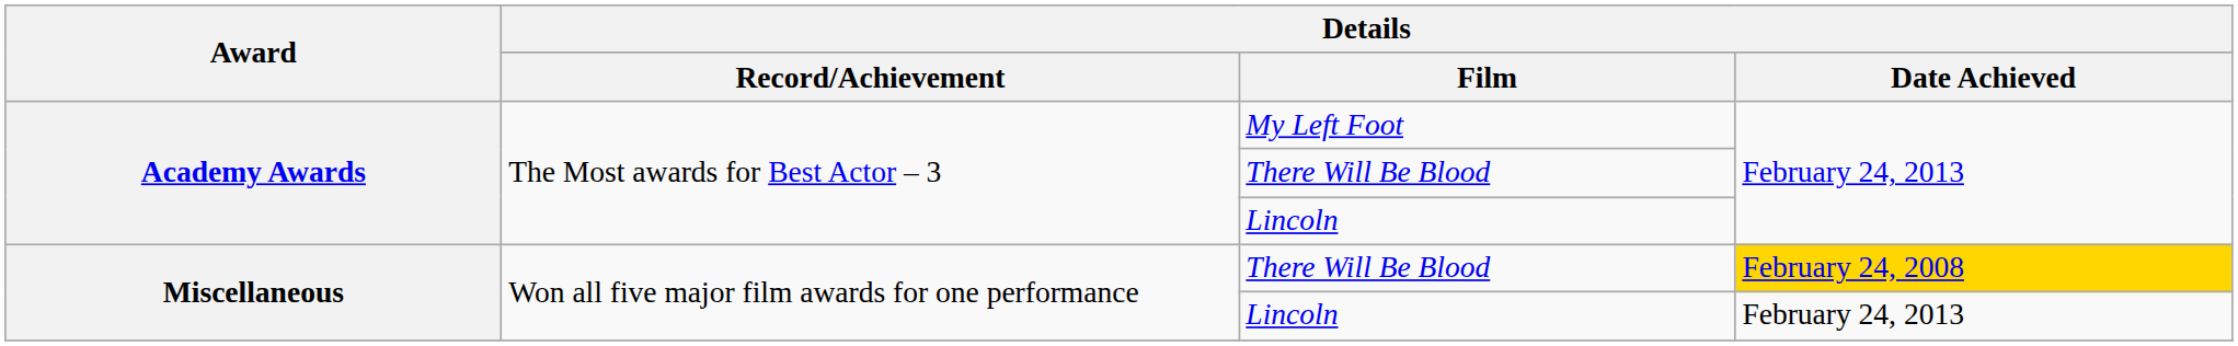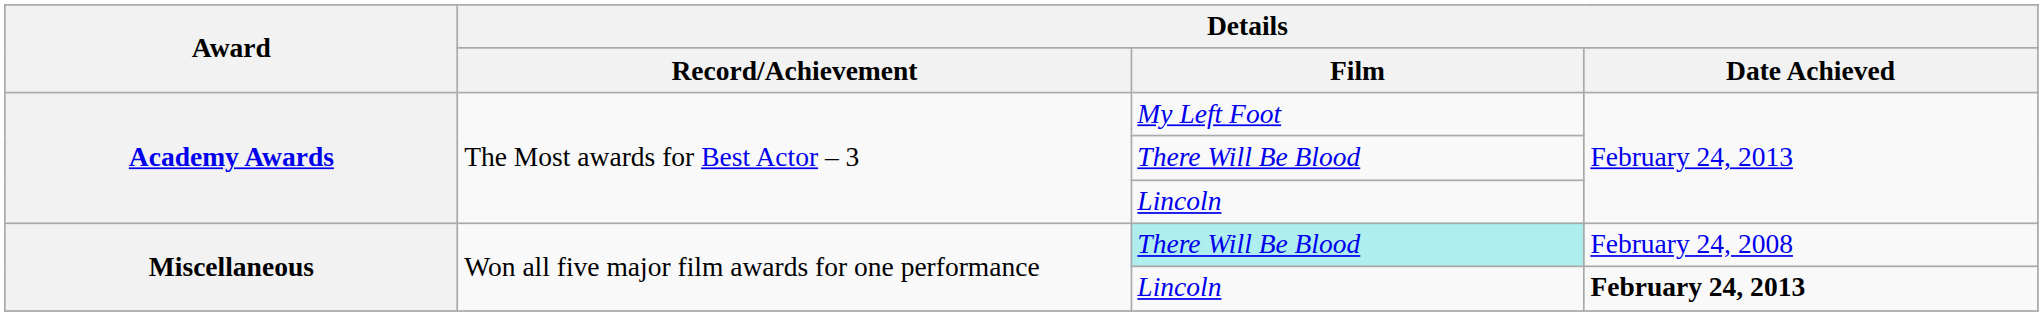 <table class="wikitable">
 <tr>
 <th rowspan="2" style="width:16em;">Award</th>
 <th colspan="8" style="width:20em;">Details</th>
 </tr>
 <tr>
 <th style="width:24em;">Record/Achievement</th>
 <th style="width:16em;">Film</th>
 <th style="width:16em;">Date Achieved</th>
 </tr>
 <tr>
 <th rowspan="3"><a href='#'>Academy Awards</a></th>
 <td rowspan="3">The Most awards for <a href='#'>Best Actor</a> – 3</td>
 <td><em><a href='#'>My Left Foot</a></em></td>
 <td rowspan="3"><a href='#'>February 24, 2013</a></td>
 </tr>
 <tr>
 <td><em><a href='#'>There Will Be Blood</a></em></td>
 </tr>
 <tr>
 <td><em><a href='#'>Lincoln</a></em></td>
 </tr>
 <tr>
 <th rowspan="2">Miscellaneous</th>
 <td rowspan="2">Won all five major film awards for one performance</td>
-<td><em><a href='#'>There Will Be Blood</a></em></td>
-<td style="background: gold;"><a href='#'>February 24, 2008</a></td>
+<td style="background: paleturquoise;"><em><a href='#'>There Will Be Blood</a></em></td>
+<td><a href='#'>February 24, 2008</a></td>
 </tr>
 <tr>
 <td><em><a href='#'>Lincoln</a></em></td>
-<td>February 24, 2013</td>
+<td><strong>February 24, 2013</strong></td>
 </tr>
 </table>
